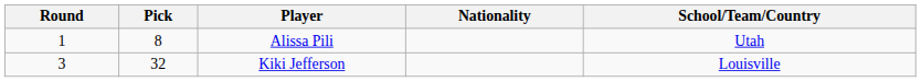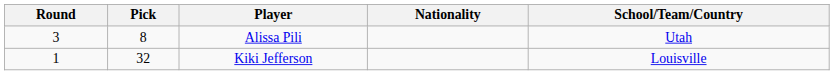 <table class="wikitable" style="text-align:center; width:60em">
 <tr>
 <th>Round</th>
 <th>Pick</th>
 <th>Player</th>
 <th>Nationality</th>
 <th>School/Team/Country</th>
 </tr>
 <tr>
-<td>1</td>
+<td>3</td>
 <td>8</td>
 <td><a href='#'>Alissa Pili</a></td>
 <td></td>
 <td><a href='#'>Utah</a></td>
 </tr>
 <tr>
-<td>3</td>
+<td>1</td>
 <td>32</td>
 <td><a href='#'>Kiki Jefferson</a></td>
 <td></td>
 <td><a href='#'>Louisville</a></td>
 </tr>
 </table>
